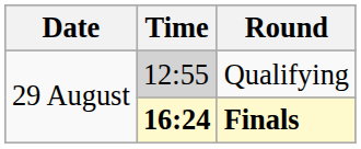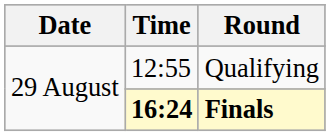 <table class="wikitable">
 <tr>
 <th>Date</th>
 <th>Time</th>
 <th>Round</th>
 </tr>
 <tr>
 <td rowspan=2>29 August</td>
-<td style="background: lightgrey;">12:55</td>
+<td>12:55</td>
 <td>Qualifying</td>
 </tr>
 <tr style="background:lemonchiffon">
 <td><strong>16:24</strong></td>
 <td><strong>Finals</strong></td>
 </tr>
 </table>
